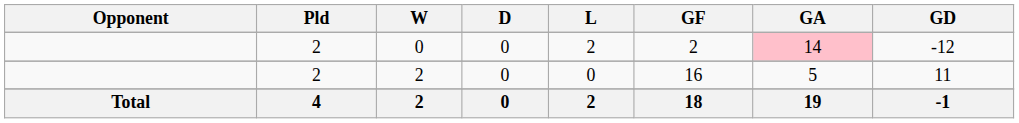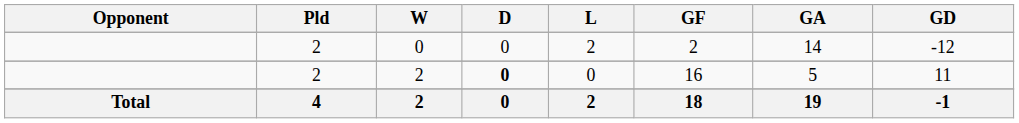 <table class="wikitable" style="text-align: center">
 <tr>
 <th width=220>Opponent<br></th>
 <th width=100>Pld<br></th>
 <th width=70>W<br></th>
 <th width=70>D<br></th>
 <th width=70>L<br></th>
 <th width=100>GF<br></th>
 <th width=100>GA<br></th>
 <th width=120>GD</th>
 </tr>
 <tr>
 </tr>
 <tr>
 <td style="text-align:left;"></td>
 <td>2</td>
 <td>0</td>
 <td>0</td>
 <td>2</td>
 <td>2</td>
-<td style="background: pink;">14</td>
+<td>14</td>
 <td>-12</td>
 </tr>
 <tr>
 </tr>
 <tr>
 <td style="text-align:left;"></td>
 <td>2</td>
 <td>2</td>
-<td>0</td>
+<td><strong>0</strong></td>
 <td>0</td>
 <td>16</td>
 <td>5</td>
 <td>11</td>
 </tr>
 <tr>
 </tr>
 <tr class="sortbottom">
 <th>Total</th>
 <th>4</th>
 <th>2</th>
 <th>0</th>
 <th>2</th>
 <th>18</th>
 <th>19</th>
 <th>-1</th>
 </tr>
 </table>
